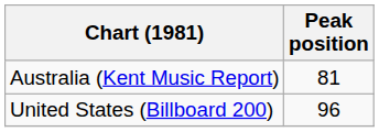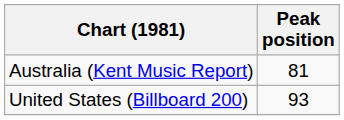 <table class="wikitable">
 <tr>
 <th scope="col">Chart (1981)</th>
 <th>Peak<br>position</th>
 </tr>
 <tr>
 <td>Australia (<a href='#'>Kent Music Report</a>)</td>
 <td style="text-align:center;">81</td>
 </tr>
 <tr>
 <td>United States (<a href='#'>Billboard 200</a>)</td>
-<td style="text-align:center;">96</td>
+<td style="text-align:center;">93</td>
 </tr>
 <tr>
 </tr>
 </table>
